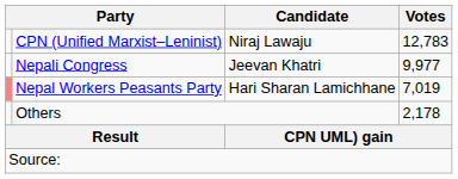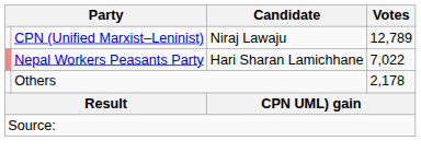 <table class="wikitable">
 <tr>
 <th colspan="2">Party</th>
 <th>Candidate</th>
 <th>Votes</th>
 </tr>
 <tr>
 <td style="background-color:"></td>
 <td><a href='#'>CPN (Unified Marxist–Leninist)</a></td>
 <td>Niraj Lawaju</td>
-<td>12,783</td>
-</tr>
-<tr>
-<td style="background-color:"></td>
-<td><a href='#'>Nepali Congress</a></td>
-<td>Jeevan Khatri</td>
-<td>9,977</td>
+<td>12,789</td>
 </tr>
 <tr>
 <td style="background-color:#FF8080"></td>
 <td><a href='#'>Nepal Workers Peasants Party</a></td>
 <td>Hari Sharan Lamichhane</td>
-<td>7,019</td>
+<td>7,022</td>
 </tr>
 <tr>
 <td></td>
 <td colspan="2">Others</td>
 <td>2,178</td>
 </tr>
 <tr>
 <th colspan="2">Result</th>
 <th colspan="2">CPN UML) gain</th>
 </tr>
 <tr>
 <td colspan="4">Source: </td>
 </tr>
 </table>
